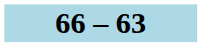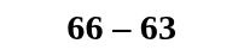 <table style="text-align:center">
 <tr>
 <th width=200></th>
 <th width=100></th>
 <th width=200></th>
 </tr>
 <tr>
 <td align=right><strong></strong></td>
-<td style="background: lightblue;"><strong>66 – 63</strong></td>
+<td><strong>66 – 63</strong></td>
 <td align=left></td>
 </tr>
 </table>
